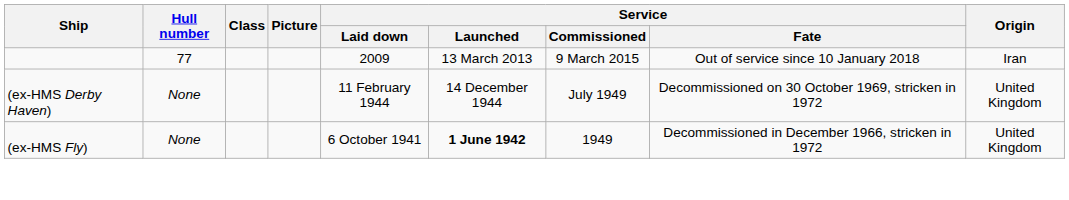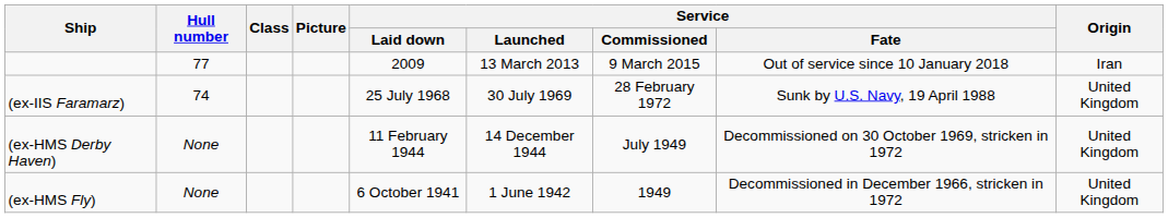 <table class="wikitable" style="text-align:center;">
 <tr>
 <th rowspan=2>Ship</th>
 <th rowspan=2><a href='#'>Hull number</a></th>
 <th rowspan=2>Class</th>
 <th rowspan=2>Picture</th>
 <th colspan=4>Service</th>
 <th rowspan=2>Origin</th>
 </tr>
 <tr>
 <th>Laid down</th>
 <th>Launched</th>
 <th>Commissioned</th>
 <th>Fate</th>
 </tr>
 <tr>
 <td style="text-align:left"></td>
 <td>77</td>
 <td></td>
 <td></td>
 <td>2009</td>
 <td>13 March 2013</td>
 <td>9 March 2015</td>
 <td>Out of service since 10 January 2018</td>
 <td>Iran</td>
 </tr>
 <tr>
+<td style="text-align:left"><br>(ex-IIS <em>Faramarz</em>)</td>
+<td>74<br></td>
+<td></td>
+<td></td>
+<td>25 July 1968</td>
+<td>30 July 1969</td>
+<td>28 February 1972</td>
+<td>Sunk by <a href='#'>U.S. Navy</a>, 19 April 1988</td>
+<td>United Kingdom</td>
+</tr>
+<tr>
 <td style="text-align:left"><br>(ex-HMS <em>Derby Haven</em>)</td>
 <td><em>None</em></td>
 <td></td>
 <td></td>
 <td>11 February 1944</td>
 <td>14 December 1944</td>
 <td>July 1949</td>
 <td>Decommissioned on 30 October 1969, stricken in 1972</td>
 <td>United Kingdom</td>
 </tr>
 <tr>
 <td style="text-align:left"><br>(ex-HMS <em>Fly</em>)</td>
 <td><em>None</em></td>
 <td></td>
 <td></td>
 <td>6 October 1941</td>
-<td><strong>1 June 1942</strong></td>
+<td>1 June 1942</td>
 <td>1949</td>
 <td>Decommissioned in December 1966, stricken in 1972</td>
 <td>United Kingdom</td>
 </tr>
 </table>
